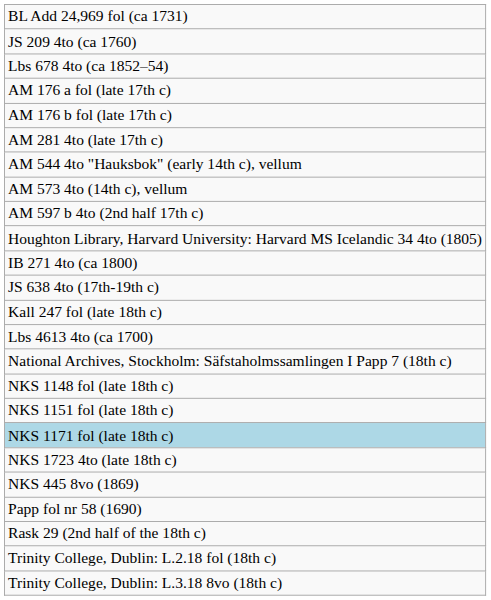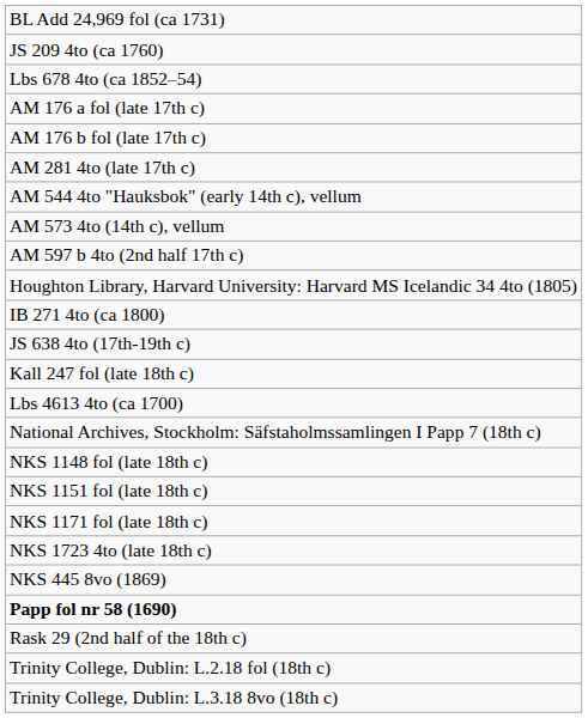 <table class="wikitable">
 <tr>
 <td>BL Add 24,969 fol (ca 1731)</td>
 </tr>
 <tr>
 <td>JS 209 4to (ca 1760)</td>
 </tr>
 <tr>
 <td>Lbs 678 4to (ca 1852–54)</td>
 </tr>
 <tr>
 <td>AM 176 a fol (late 17th c)</td>
 </tr>
 <tr>
 <td>AM 176 b fol (late 17th c)</td>
 </tr>
 <tr>
 <td>AM 281 4to (late 17th c)</td>
 </tr>
 <tr>
 <td>AM 544 4to "Hauksbok" (early 14th c), vellum</td>
 </tr>
 <tr>
 <td>AM 573 4to (14th c), vellum</td>
 </tr>
 <tr>
 <td>AM 597 b 4to (2nd half 17th c)</td>
 </tr>
 <tr>
 <td>Houghton Library, Harvard University: Harvard MS Icelandic 34 4to (1805)</td>
 </tr>
 <tr>
 <td>IB 271 4to (ca 1800)</td>
 </tr>
 <tr>
 <td>JS 638 4to (17th-19th c)</td>
 </tr>
 <tr>
 <td>Kall 247 fol (late 18th c)</td>
 </tr>
 <tr>
 <td>Lbs 4613 4to (ca 1700)</td>
 </tr>
 <tr>
 <td>National Archives, Stockholm: Säfstaholmssamlingen I Papp 7 (18th c)</td>
 </tr>
 <tr>
 <td>NKS 1148 fol (late 18th c)</td>
 </tr>
 <tr>
 <td>NKS 1151 fol (late 18th c)</td>
 </tr>
 <tr>
-<td style="background: lightblue;">NKS 1171 fol (late 18th c)</td>
+<td>NKS 1171 fol (late 18th c)</td>
 </tr>
 <tr>
 <td>NKS 1723 4to (late 18th c)</td>
 </tr>
 <tr>
 <td>NKS 445 8vo (1869)</td>
 </tr>
 <tr>
-<td>Papp fol nr 58 (1690)</td>
+<td><strong>Papp fol nr 58 (1690)</strong></td>
 </tr>
 <tr>
 <td>Rask 29 (2nd half of the 18th c)</td>
 </tr>
 <tr>
 <td>Trinity College, Dublin: L.2.18 fol (18th c)</td>
 </tr>
 <tr>
 <td>Trinity College, Dublin: L.3.18 8vo (18th c)</td>
 </tr>
 </table>
